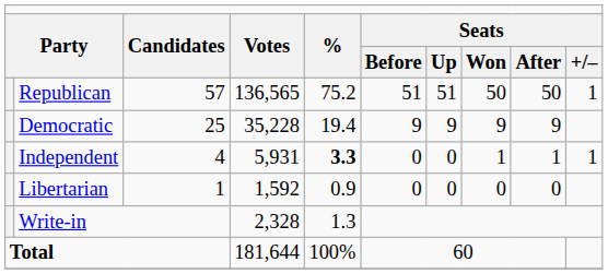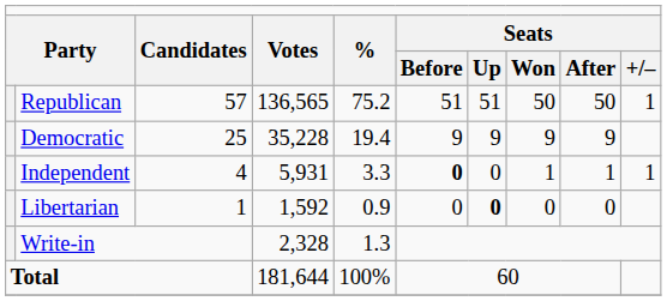 <table class="wikitable">
 <tr>
 <td colspan=15 align=center></td>
 </tr>
 <tr>
 <th rowspan="2" colspan="2">Party</th>
 <th rowspan="2">Candidates</th>
 <th rowspan="2">Votes</th>
 <th rowspan="2">%</th>
 <th colspan="5">Seats</th>
 </tr>
 <tr>
 <th>Before</th>
 <th>Up</th>
 <th>Won</th>
 <th>After</th>
 <th>+/–</th>
 </tr>
 <tr>
 <th style="background-color:"></th>
 <td><a href='#'>Republican</a></td>
 <td align="right">57</td>
 <td align="right">136,565</td>
 <td align="right">75.2</td>
 <td align="right">51</td>
 <td align="right">51</td>
 <td align="right">50</td>
 <td align="right">50</td>
 <td align="right"> 1</td>
 </tr>
 <tr>
 <th style="background-color:"></th>
 <td><a href='#'>Democratic</a></td>
 <td align="right">25</td>
 <td align="right">35,228</td>
 <td align="right">19.4</td>
 <td align="right">9</td>
 <td align="right">9</td>
 <td align="right">9</td>
 <td align="right">9</td>
 <td align="right"></td>
 </tr>
 <tr>
 <th style="background-color:"></th>
 <td><a href='#'>Independent</a></td>
 <td align="right">4</td>
 <td align="right">5,931</td>
-<td align="right"><strong>3.3</strong></td>
-<td align="right">0</td>
+<td align="right">3.3</td>
+<td align="right"><strong>0</strong></td>
 <td align="right">0</td>
 <td align="right">1</td>
 <td align="right">1</td>
 <td align="right"> 1</td>
 </tr>
 <tr>
 <th style="background-color:"></th>
 <td><a href='#'>Libertarian</a></td>
 <td align="right">1</td>
 <td align="right">1,592</td>
 <td align="right">0.9</td>
 <td align="right">0</td>
-<td align="right">0</td>
+<td align="right"><strong>0</strong></td>
 <td align="right">0</td>
 <td align="right">0</td>
 <td align="right"></td>
 </tr>
 <tr>
 <th style="background-color:"></th>
 <td colspan="2"><a href='#'>Write-in</a></td>
 <td align="right">2,328</td>
 <td align="right">1.3</td>
 <td colspan="5"></td>
 </tr>
 <tr>
 <td colspan="3"><strong>Total</strong></td>
 <td align="right">181,644</td>
 <td align="right">100%</td>
 <td colspan="4" align="center">60</td>
 <td align="right"></td>
 </tr>
 <tr>
 </tr>
 </table>
